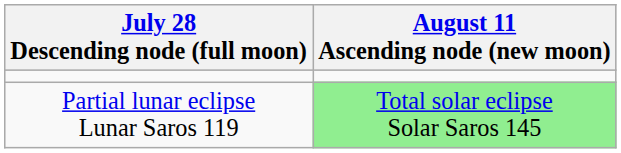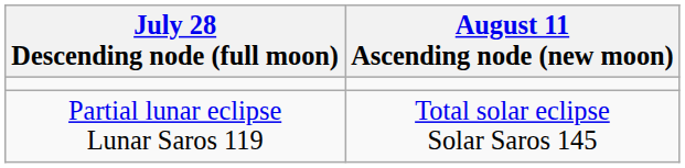 <table class="wikitable">
 <tr>
 <th><a href='#'>July 28</a><br>Descending node (full moon)<br></th>
 <th><a href='#'>August 11</a><br>Ascending node (new moon)<br></th>
 </tr>
 <tr>
 <td></td>
 <td></td>
 </tr>
 <tr align=center>
 <td><a href='#'>Partial lunar eclipse</a><br>Lunar Saros 119</td>
-<td style="background: lightgreen;"><a href='#'>Total solar eclipse</a><br>Solar Saros 145</td>
+<td><a href='#'>Total solar eclipse</a><br>Solar Saros 145</td>
 </tr>
 </table>
